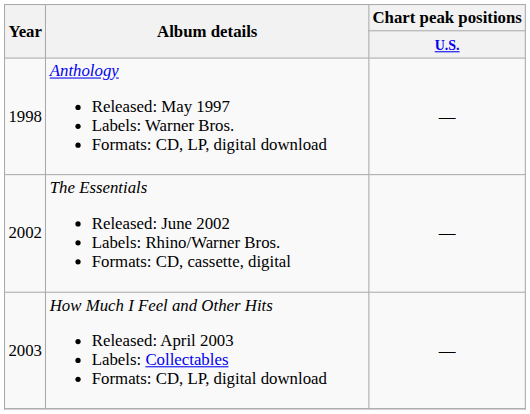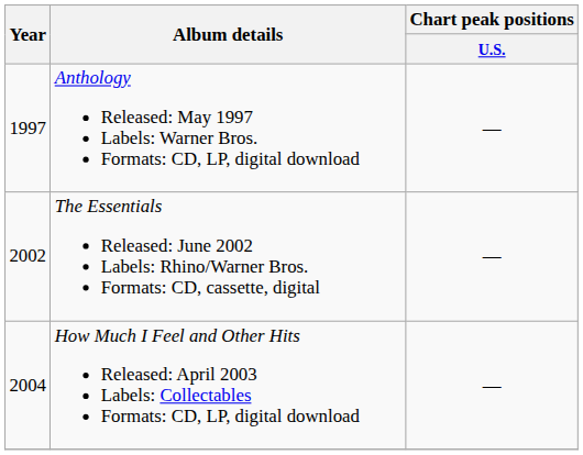 <table class="wikitable" border="1">
 <tr>
 <th rowspan="2">Year</th>
 <th rowspan="2" width="300">Album details</th>
 <th colspan="1">Chart peak positions</th>
 </tr>
 <tr>
 <th><small><a href='#'>U.S.</a></small></th>
 </tr>
 <tr>
-<td>1998</td>
+<td>1997</td>
 <td><em><a href='#'>Anthology</a></em><br><ul><li>Released: May 1997</li><li>Labels: Warner Bros.</li><li>Formats: CD, LP, digital download</li></ul></td>
 <td align="center">—</td>
 </tr>
 <tr>
 <td>2002</td>
 <td><em>The Essentials</em><br><ul><li>Released: June 2002</li><li>Labels: Rhino/Warner Bros.</li><li>Formats: CD, cassette, digital</li></ul></td>
 <td align="center">—</td>
 </tr>
 <tr>
-<td>2003</td>
+<td>2004</td>
 <td><em>How Much I Feel and Other Hits</em><br><ul><li>Released: April 2003</li><li>Labels: <a href='#'>Collectables</a></li><li>Formats: CD, LP, digital download</li></ul></td>
 <td align="center">—</td>
 </tr>
 <tr>
 </tr>
 </table>
